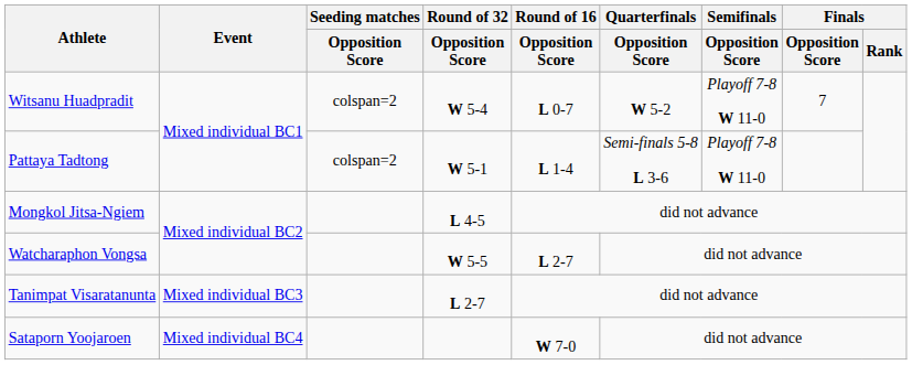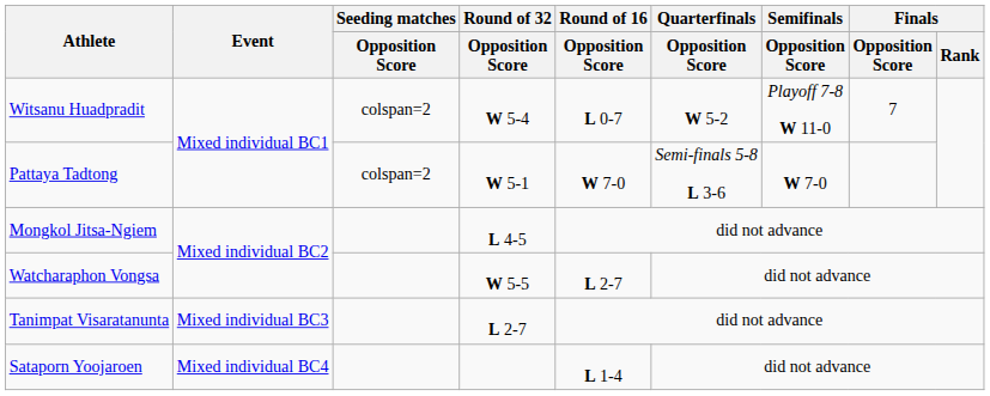 <table class=wikitable>
 <tr>
 <th rowspan="2">Athlete</th>
 <th rowspan="2">Event</th>
 <th>Seeding matches</th>
 <th>Round of 32</th>
 <th>Round of 16</th>
 <th>Quarterfinals</th>
 <th>Semifinals</th>
 <th colspan="2">Finals</th>
 </tr>
 <tr>
 <th>Opposition<br>Score</th>
 <th>Opposition<br>Score</th>
 <th>Opposition<br>Score</th>
 <th>Opposition<br>Score</th>
 <th>Opposition<br>Score</th>
 <th>Opposition<br>Score</th>
 <th>Rank</th>
 </tr>
 <tr align=center>
 <td align=left><a href='#'>Witsanu Huadpradit</a></td>
 <td align=left rowspan="2"><a href='#'>Mixed individual BC1</a></td>
 <td>colspan=2 </td>
 <td><br><strong>W</strong> 5-4</td>
 <td><br><strong>L</strong> 0-7</td>
 <td><br><strong>W</strong> 5-2</td>
 <td><em>Playoff 7-8</em><br><br><strong>W</strong> 11-0</td>
 <td>7</td>
 </tr>
 <tr align=center>
 <td align=left><a href='#'>Pattaya Tadtong</a></td>
 <td>colspan=2 </td>
 <td><br><strong>W</strong> 5-1</td>
-<td><br><strong>L</strong> 1-4</td>
+<td><br><strong>W</strong> 7-0</td>
 <td><em>Semi-finals 5-8</em><br><br><strong>L</strong> 3-6</td>
-<td><em>Playoff 7-8</em><br><br><strong>W</strong> 11-0</td>
+<td><br><strong>W</strong> 7-0</td>
 <td></td>
 </tr>
 <tr align=center>
 <td align=left><a href='#'>Mongkol Jitsa-Ngiem</a></td>
 <td align=left rowspan="2"><a href='#'>Mixed individual BC2</a></td>
 <td></td>
 <td><br><strong>L</strong> 4-5</td>
 <td colspan=5>did not advance</td>
 </tr>
 <tr align=center>
 <td align=left><a href='#'>Watcharaphon Vongsa</a></td>
 <td></td>
 <td><br><strong>W</strong> 5-5</td>
 <td><br><strong>L</strong> 2-7</td>
 <td colspan=4>did not advance</td>
 </tr>
 <tr align=center>
 <td align=left><a href='#'>Tanimpat Visaratanunta</a></td>
 <td align=left><a href='#'>Mixed individual BC3</a></td>
 <td></td>
 <td><br><strong>L</strong> 2-7</td>
 <td colspan=5>did not advance</td>
 </tr>
 <tr align=center>
 <td align=left><a href='#'>Sataporn Yoojaroen</a></td>
 <td align=left><a href='#'>Mixed individual BC4</a></td>
 <td></td>
 <td></td>
-<td><br><strong>W</strong> 7-0</td>
+<td><br><strong>L</strong> 1-4</td>
 <td colspan=4>did not advance</td>
 </tr>
 </table>
